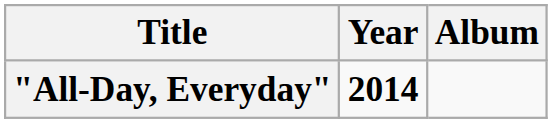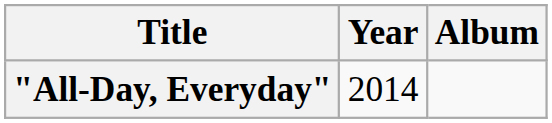 <table class="wikitable plainrowheaders" style="text-align:center;">
 <tr>
 <th scope="col">Title</th>
 <th scope="col">Year</th>
 <th scope="col">Album</th>
 </tr>
 <tr>
 <th scope="row">"All-Day, Everyday"<br></th>
-<td><strong>2014</strong></td>
+<td>2014</td>
 <td></td>
 </tr>
 </table>
